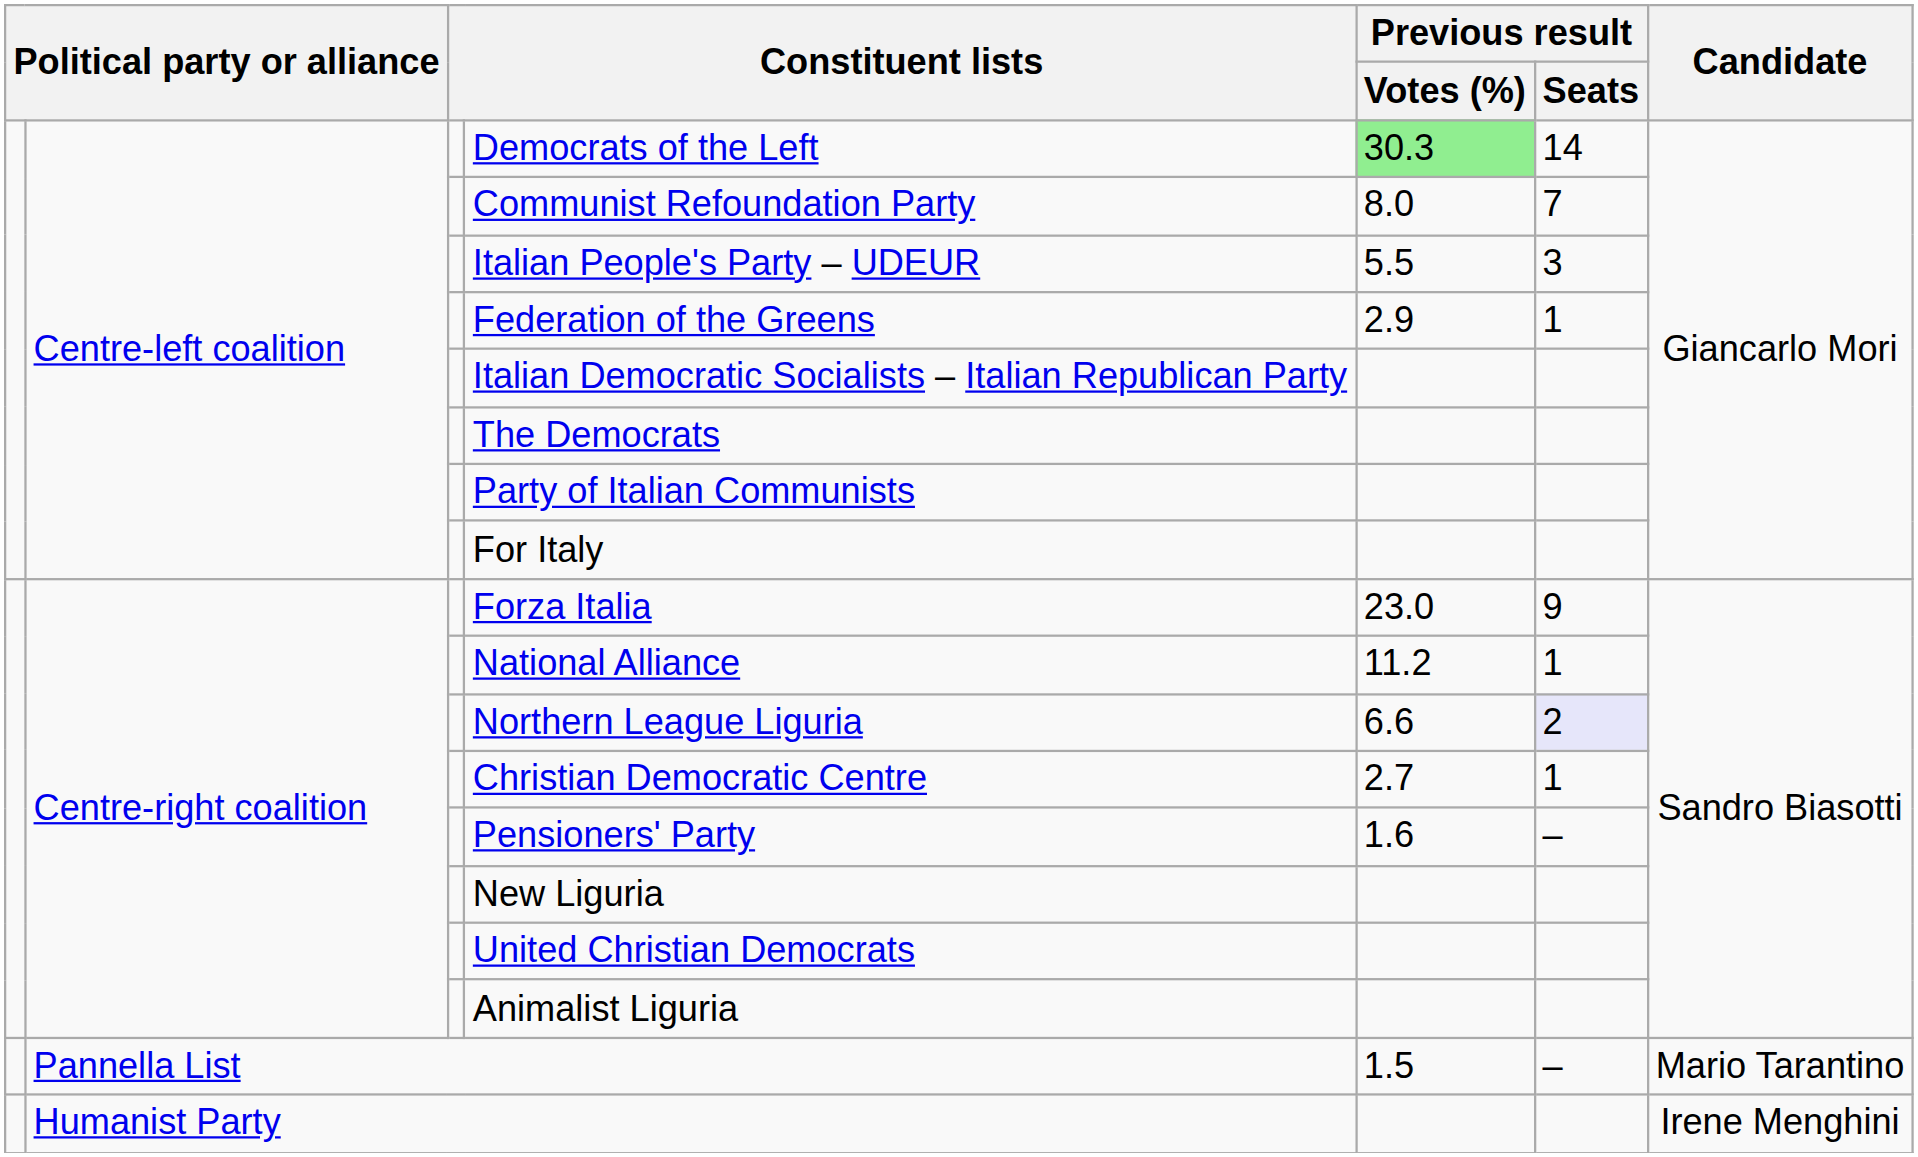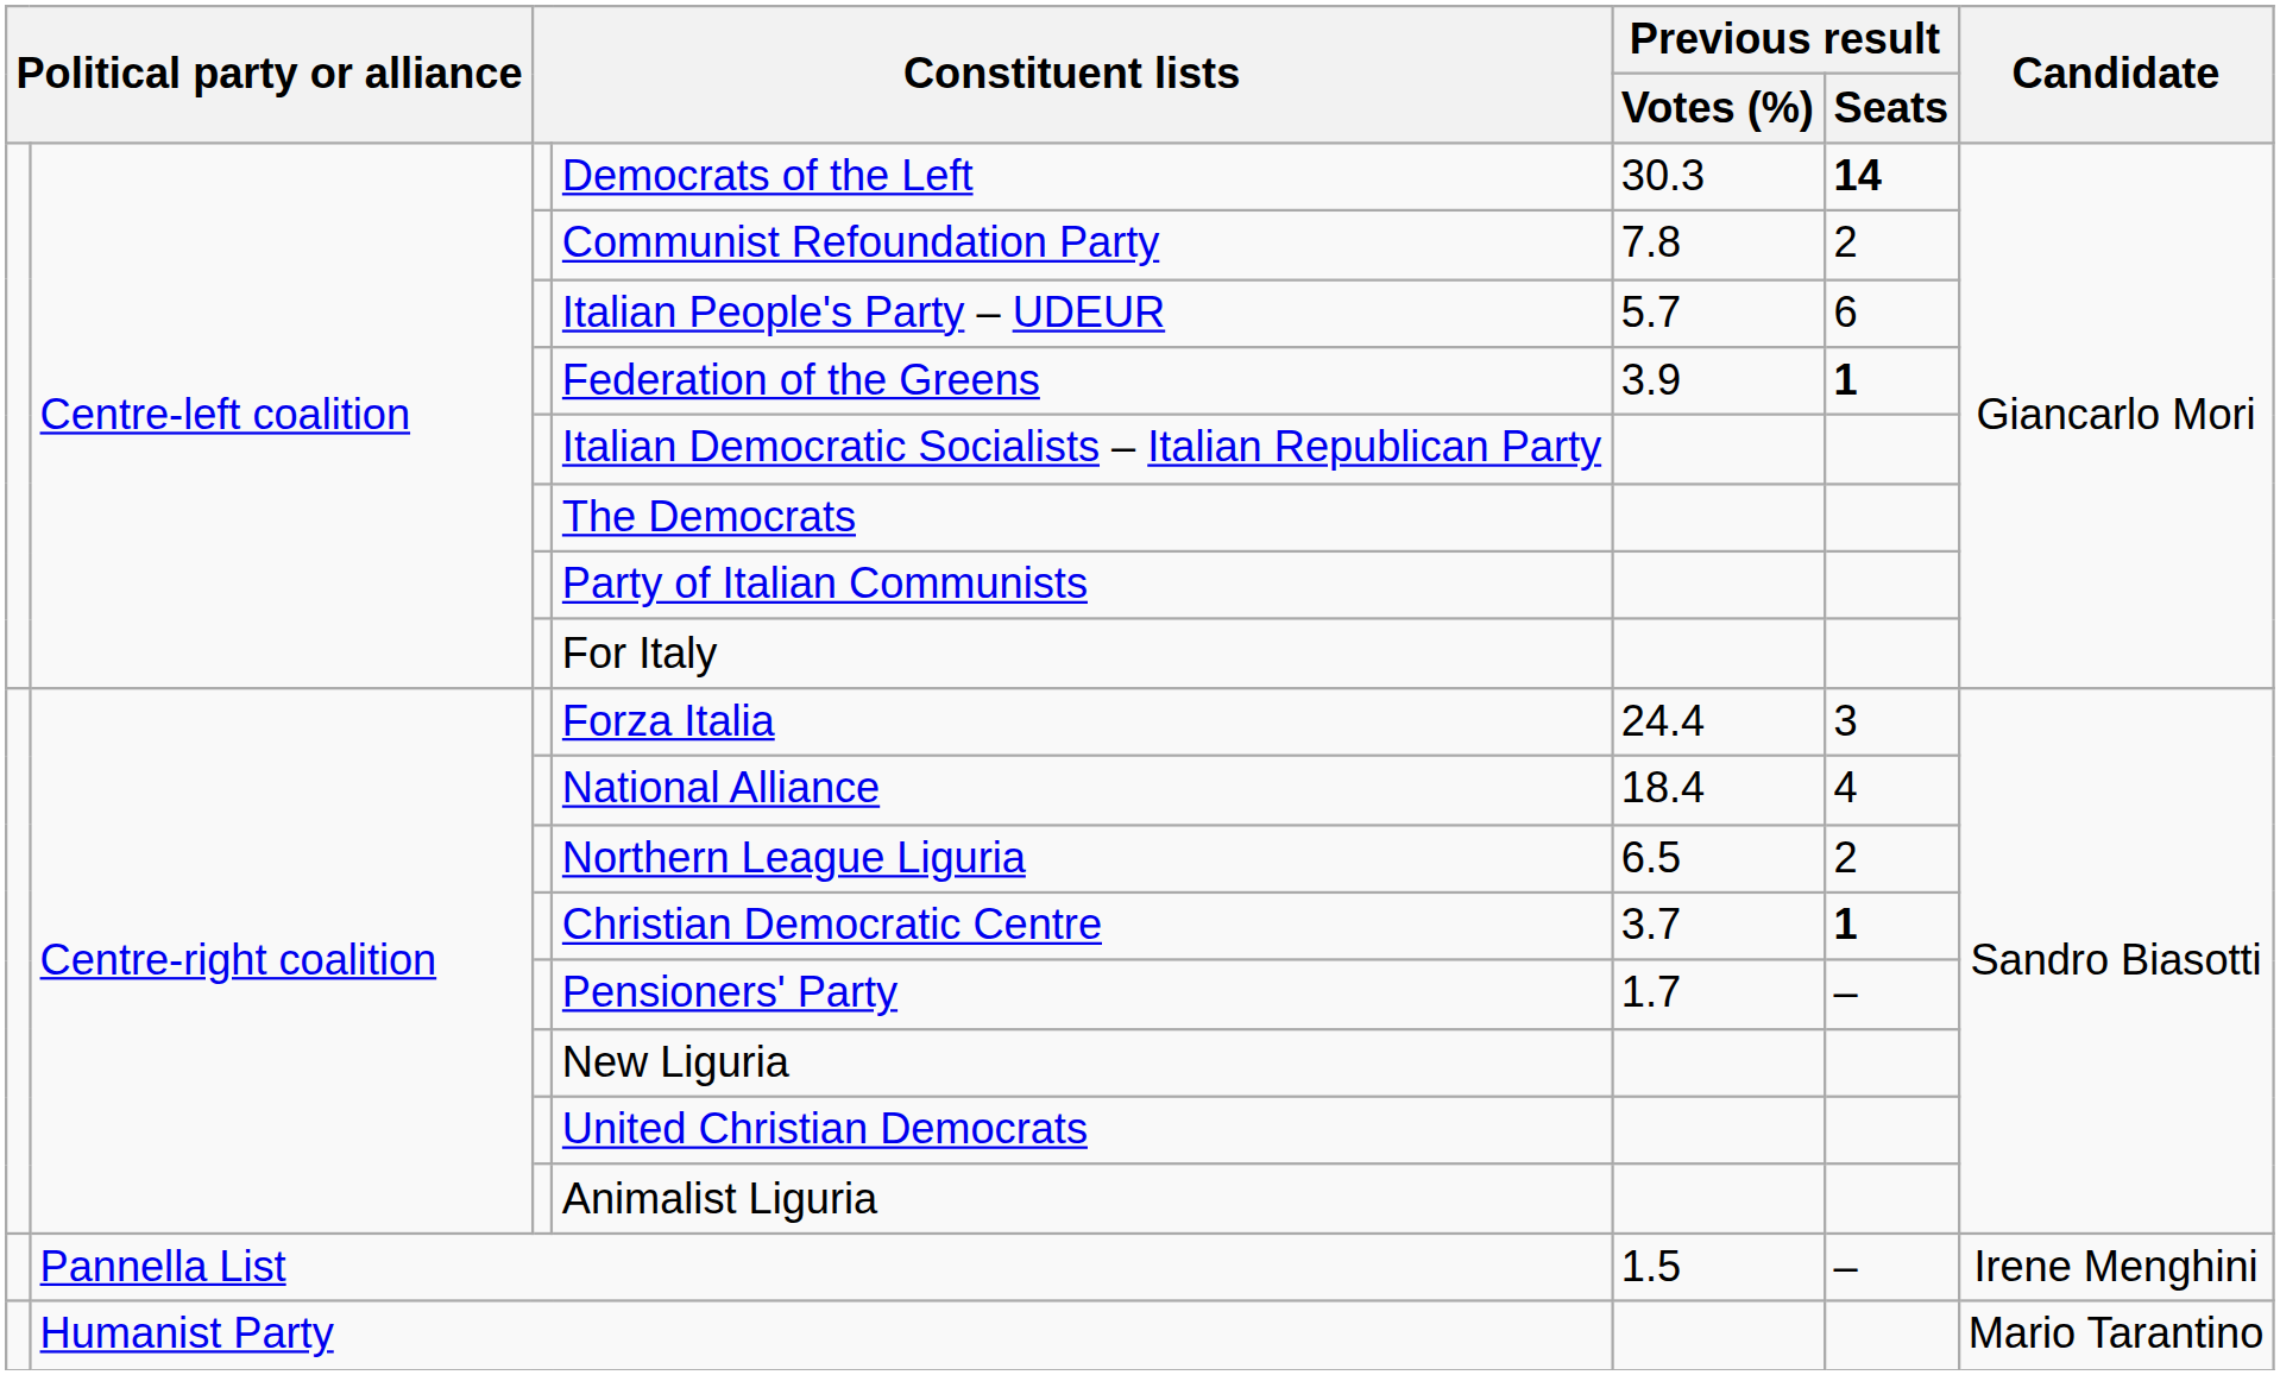 <table class="wikitable" style="text-align:left">
 <tr>
 <th colspan=2 rowspan="2">Political party or alliance</th>
 <th colspan=2 rowspan="2">Constituent lists</th>
 <th colspan="2">Previous result</th>
 <th rowspan="2">Candidate</th>
 </tr>
 <tr>
 <th>Votes (%)</th>
 <th>Seats</th>
 </tr>
 <tr>
 <td rowspan="8"></td>
 <td rowspan="8"><a href='#'>Centre-left coalition</a></td>
 <td></td>
 <td style="text-align:left;"><a href='#'>Democrats of the Left</a></td>
-<td style="background: lightgreen;">30.3</td>
-<td>14</td>
+<td>30.3</td>
+<td><strong>14</strong></td>
 <td rowspan="8" style="text-align: center;">Giancarlo Mori</td>
 </tr>
 <tr>
 <td></td>
 <td><a href='#'>Communist Refoundation Party</a></td>
-<td>8.0</td>
-<td>7</td>
+<td>7.8</td>
+<td>2</td>
 </tr>
 <tr>
 <td></td>
 <td><a href='#'>Italian People's Party</a> – <a href='#'>UDEUR</a></td>
-<td>5.5</td>
-<td>3</td>
+<td>5.7</td>
+<td>6</td>
 </tr>
 <tr>
 <td></td>
 <td><a href='#'>Federation of the Greens</a></td>
-<td>2.9</td>
-<td>1</td>
+<td>3.9</td>
+<td><strong>1</strong></td>
 </tr>
 <tr>
 <td></td>
 <td><a href='#'>Italian Democratic Socialists</a> – <a href='#'>Italian Republican Party</a></td>
 <td></td>
 <td></td>
 </tr>
 <tr>
 <td></td>
 <td><a href='#'>The Democrats</a></td>
 <td></td>
 <td></td>
 </tr>
 <tr>
 <td></td>
 <td><a href='#'>Party of Italian Communists</a></td>
 <td></td>
 <td></td>
 </tr>
 <tr>
 <td></td>
 <td>For Italy</td>
 <td></td>
 <td></td>
 </tr>
 <tr>
 <td rowspan="8" style="background:"></td>
 <td rowspan=8><a href='#'>Centre-right coalition</a></td>
 <td></td>
 <td style="text-align:left;"><a href='#'>Forza Italia</a></td>
-<td>23.0</td>
-<td>9</td>
+<td>24.4</td>
+<td>3</td>
 <td rowspan="8" style="text-align: center;">Sandro Biasotti</td>
 </tr>
 <tr>
 <td></td>
 <td style="text-align:left;"><a href='#'>National Alliance</a></td>
-<td>11.2</td>
-<td>1</td>
+<td>18.4</td>
+<td>4</td>
 </tr>
 <tr>
 <td></td>
 <td style="text-align:left;"><a href='#'>Northern League Liguria</a></td>
-<td>6.6</td>
-<td style="background: lavender;">2</td>
+<td>6.5</td>
+<td>2</td>
 </tr>
 <tr>
 <td></td>
 <td style="text-align:left;"><a href='#'>Christian Democratic Centre</a></td>
-<td>2.7</td>
-<td>1</td>
+<td>3.7</td>
+<td><strong>1</strong></td>
 </tr>
 <tr>
 <td></td>
 <td style="text-align:left;"><a href='#'>Pensioners' Party</a></td>
-<td>1.6</td>
+<td>1.7</td>
 <td>–</td>
 </tr>
 <tr>
 <td></td>
 <td style="text-align:left;">New Liguria</td>
 <td></td>
 <td></td>
 </tr>
 <tr>
 <td></td>
 <td style="text-align:left;"><a href='#'>United Christian Democrats</a></td>
 <td></td>
 <td></td>
 </tr>
 <tr>
 <td></td>
 <td style="text-align:left;">Animalist Liguria</td>
 <td></td>
 <td></td>
 </tr>
 <tr>
 <td></td>
 <td colspan="3"><a href='#'>Pannella List</a></td>
 <td>1.5</td>
 <td>–</td>
-<td style="text-align: center;">Mario Tarantino</td>
+<td style="text-align: center;">Irene Menghini</td>
 </tr>
 <tr>
 <td style="background-color:"></td>
 <td colspan="3"><a href='#'>Humanist Party</a></td>
 <td></td>
 <td></td>
-<td style="text-align: center;">Irene Menghini</td>
+<td style="text-align: center;">Mario Tarantino</td>
 </tr>
 </table>
